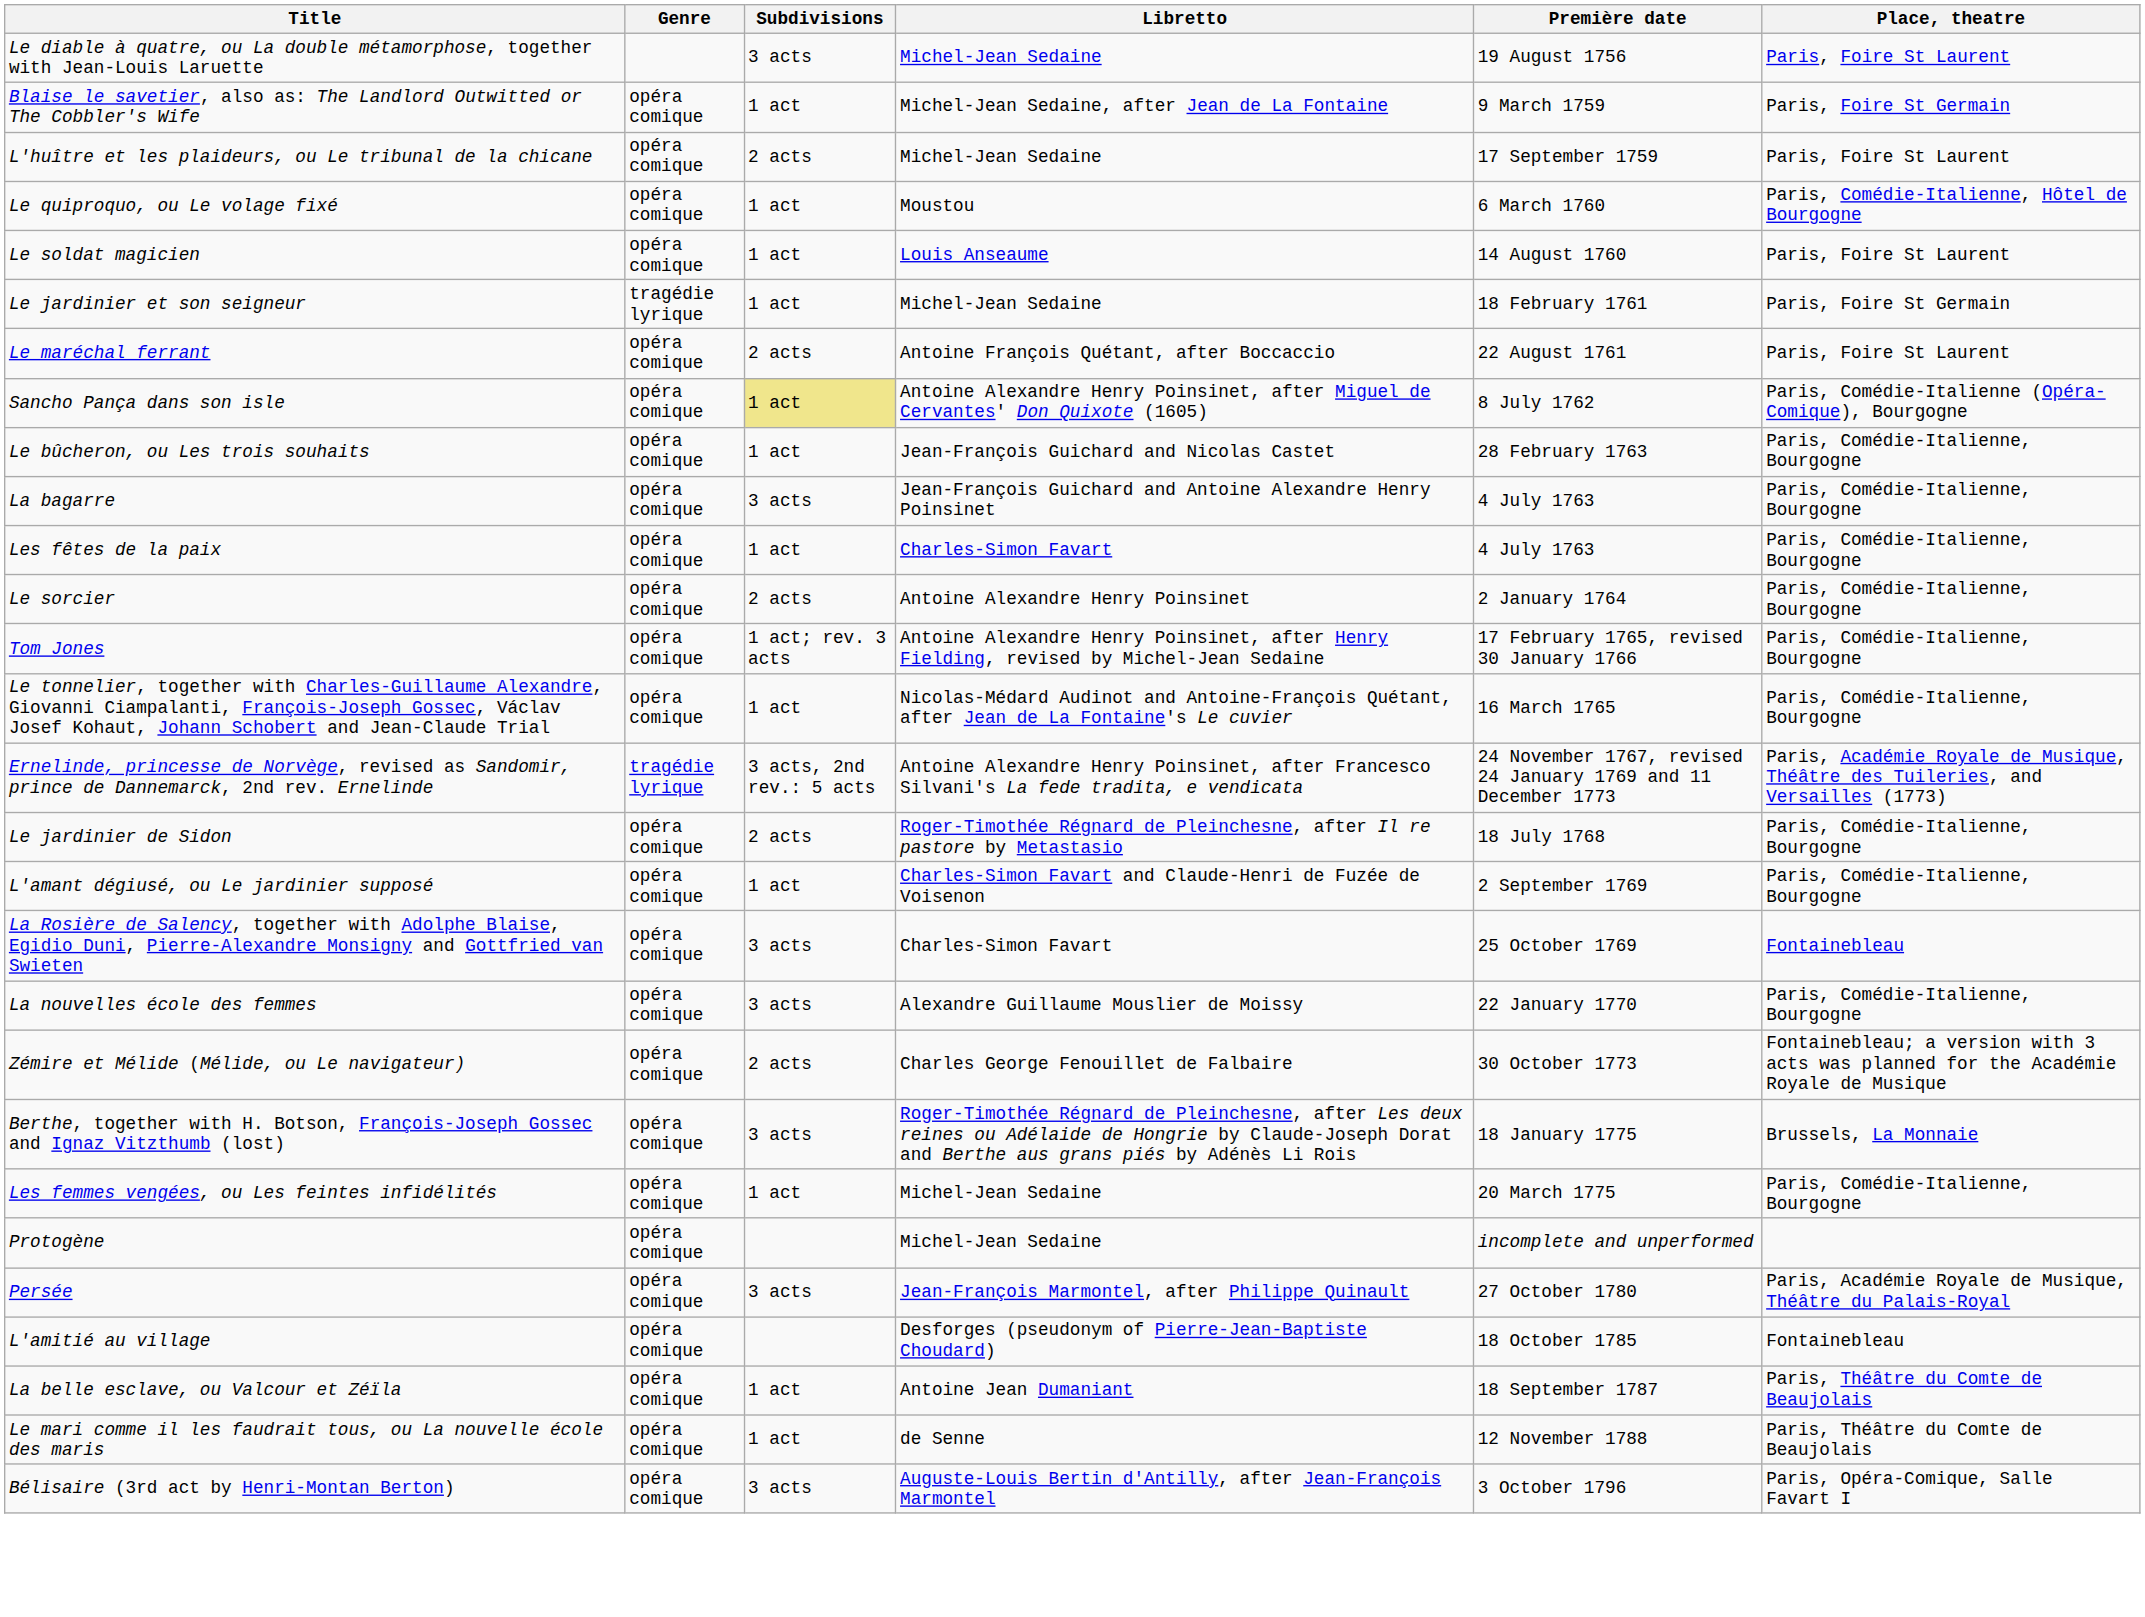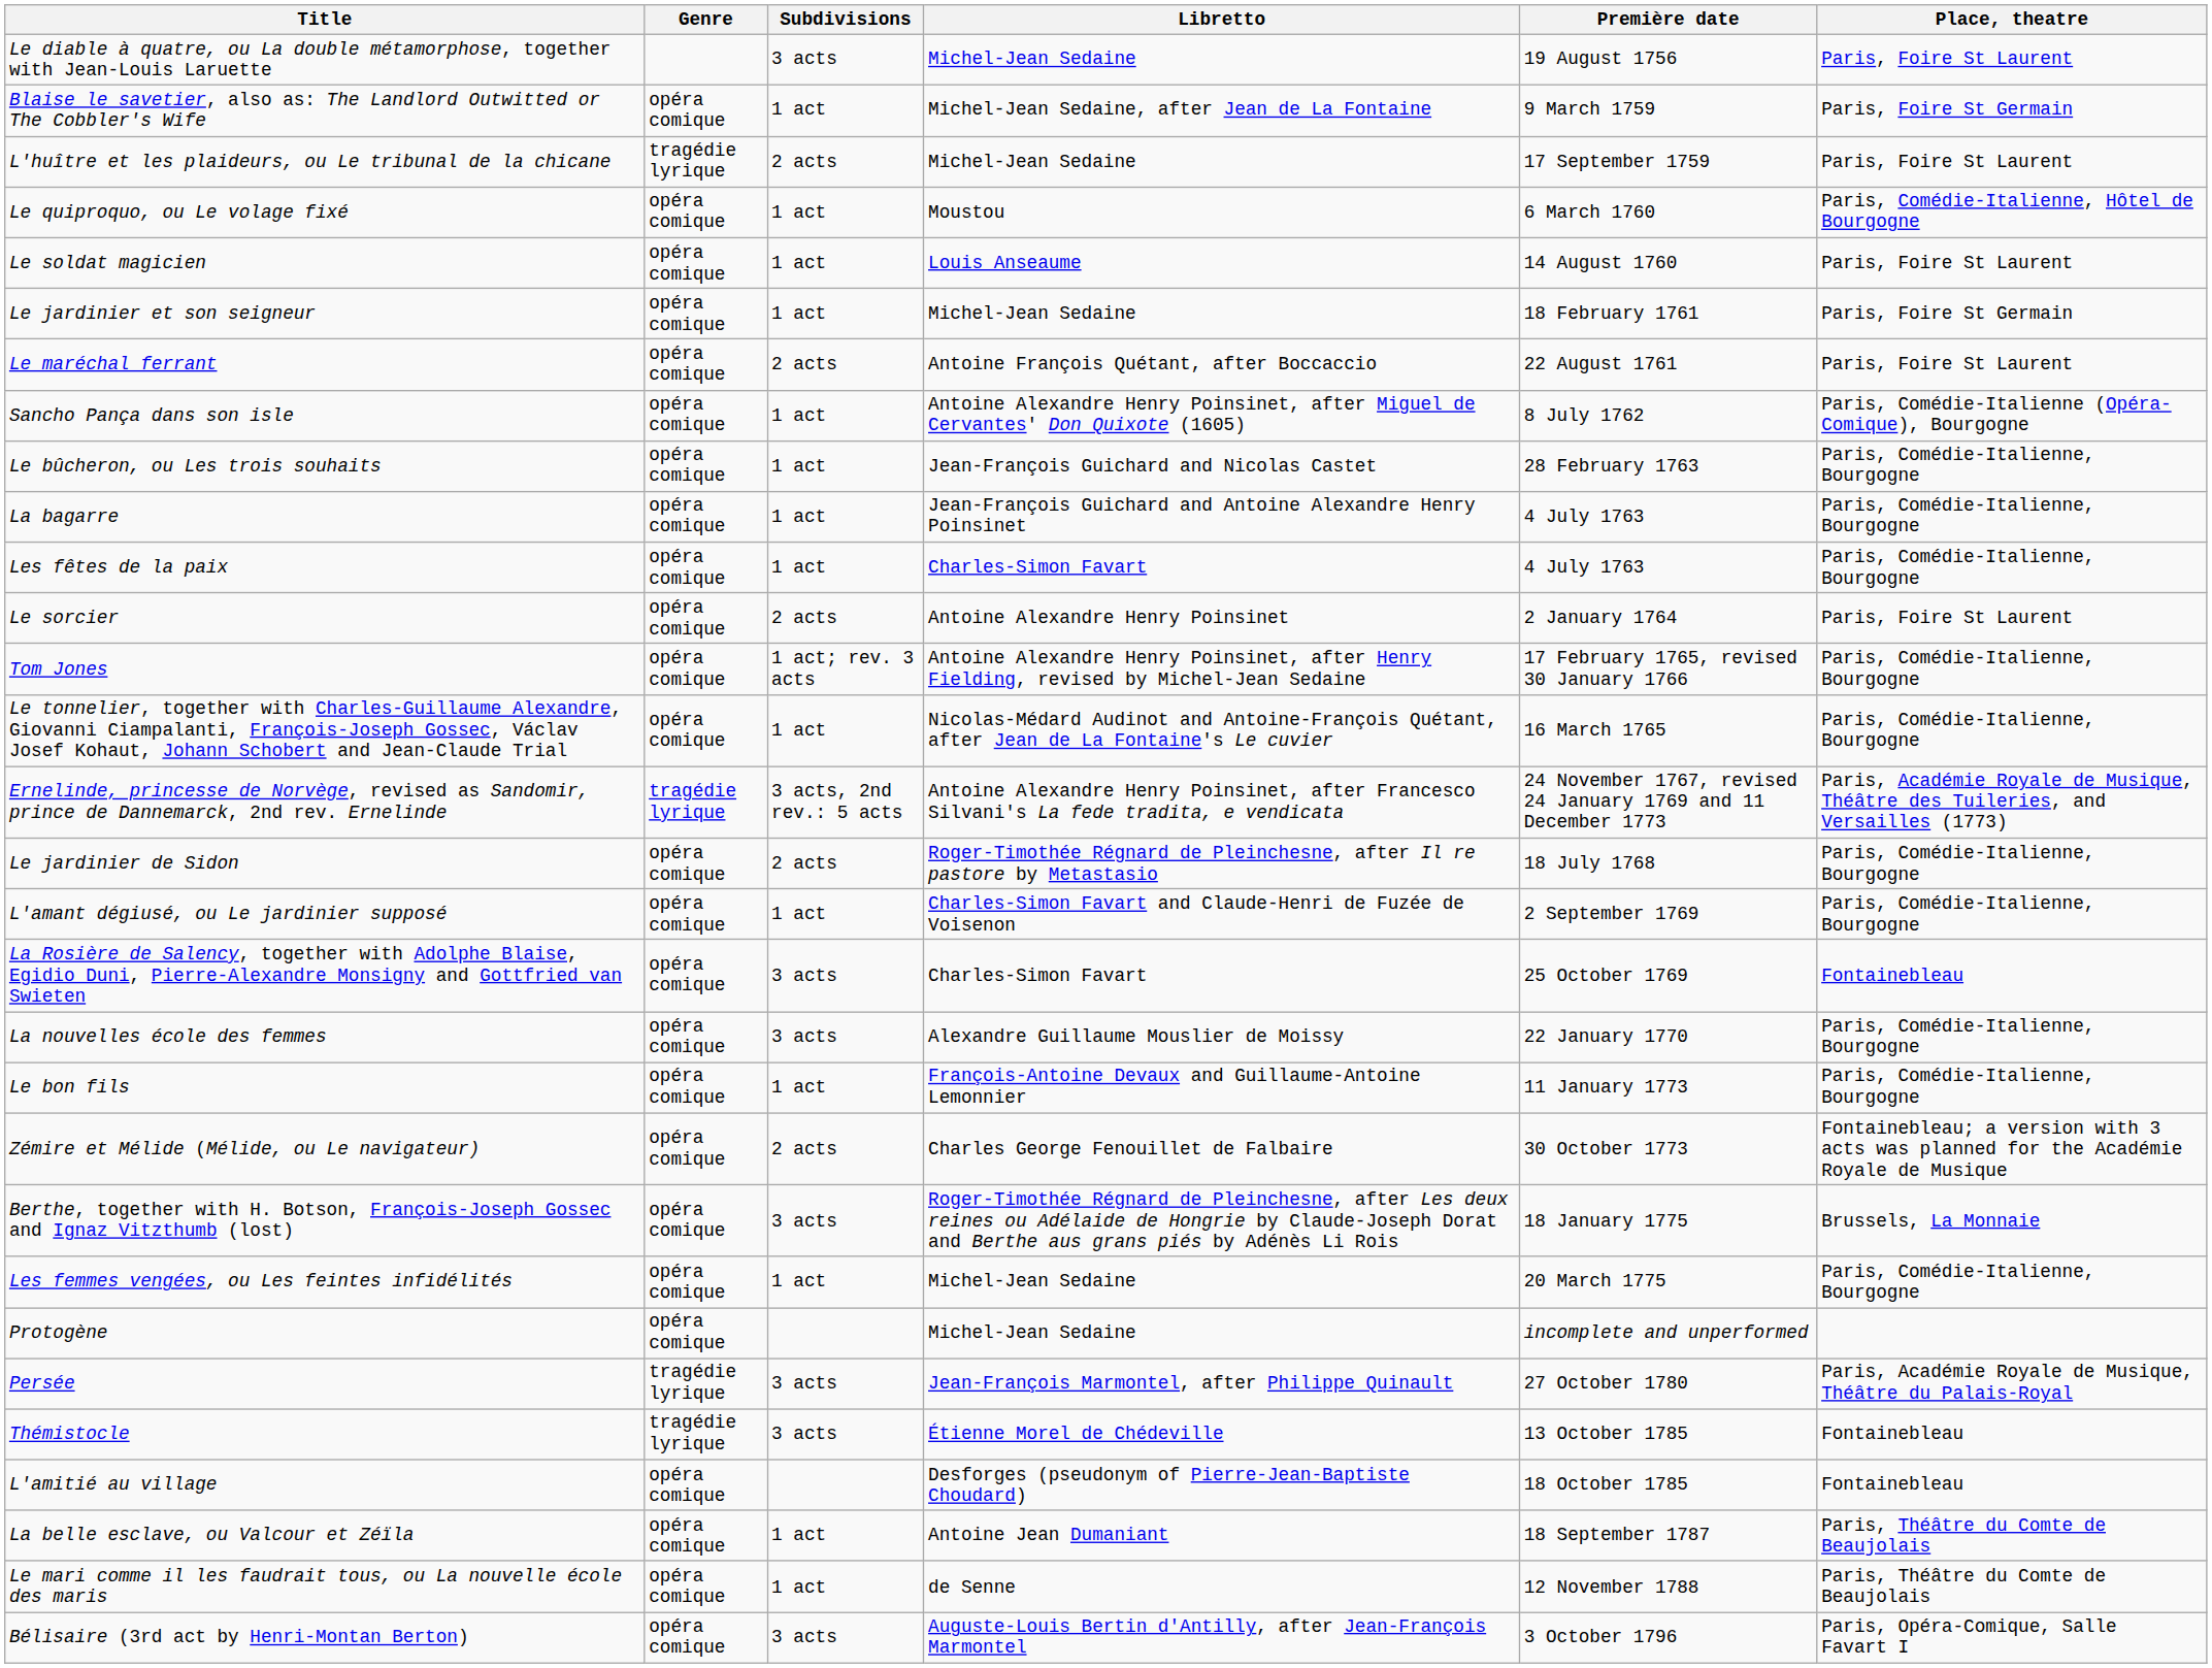 <table class="wikitable sortable">
 <tr>
 <th>Title</th>
 <th>Genre</th>
 <th>Sub­divisions</th>
 <th>Libretto</th>
 <th>Première date</th>
 <th>Place, theatre</th>
 </tr>
 <tr>
 <td><em>Le diable à quatre, ou La double métamorphose</em>, together with Jean-Louis Laruette</td>
 <td></td>
 <td>3 acts</td>
 <td><a href='#'>Michel-Jean Sedaine</a></td>
 <td>19 August 1756</td>
 <td><a href='#'>Paris</a>, <a href='#'>Foire St Laurent</a></td>
 </tr>
 <tr>
 <td><em><a href='#'>Blaise le savetier</a></em>, also as: <em>The Landlord Outwitted or The Cobbler's Wife</em></td>
 <td>opéra comique</td>
 <td>1 act</td>
 <td>Michel-Jean Sedaine, after <a href='#'>Jean de La Fontaine</a></td>
 <td>9 March 1759</td>
 <td>Paris, <a href='#'>Foire St Germain</a></td>
 </tr>
 <tr>
 <td><em>L'huître et les plaideurs, ou Le tribunal de la chicane</em></td>
-<td>opéra comique</td>
+<td>tragédie lyrique</td>
 <td>2 acts</td>
 <td>Michel-Jean Sedaine</td>
 <td>17 September 1759</td>
 <td>Paris, Foire St Laurent</td>
 </tr>
 <tr>
 <td><em>Le quiproquo, ou Le volage fixé</em></td>
 <td>opéra comique</td>
 <td>1 act</td>
 <td>Moustou</td>
 <td>6 March 1760</td>
 <td>Paris, <a href='#'>Comédie-Italienne</a>, <a href='#'>Hôtel de Bourgogne</a></td>
 </tr>
 <tr>
 <td><em>Le soldat magicien</em></td>
 <td>opéra comique</td>
 <td>1 act</td>
 <td><a href='#'>Louis Anseaume</a></td>
 <td>14 August 1760</td>
 <td>Paris, Foire St Laurent</td>
 </tr>
 <tr>
 <td><em>Le jardinier et son seigneur</em></td>
-<td>tragédie lyrique</td>
+<td>opéra comique</td>
 <td>1 act</td>
 <td>Michel-Jean Sedaine</td>
 <td>18 February 1761</td>
 <td>Paris, Foire St Germain</td>
 </tr>
 <tr>
 <td><em><a href='#'>Le maréchal ferrant</a></em></td>
 <td>opéra comique</td>
 <td>2 acts</td>
 <td>Antoine François Quétant, after Boccaccio</td>
 <td>22 August 1761</td>
 <td>Paris, Foire St Laurent</td>
 </tr>
 <tr>
 <td><em>Sancho Pança dans son isle</em></td>
 <td>opéra comique</td>
-<td style="background: khaki;">1 act</td>
+<td>1 act</td>
 <td>Antoine Alexandre Henry Poinsinet, after <a href='#'>Miguel de Cervantes</a>' <em><a href='#'>Don Quixote</a></em> (1605)</td>
 <td>8 July 1762</td>
 <td>Paris, Comédie-Italienne (<a href='#'>Opéra-Comique</a>), Bourgogne</td>
 </tr>
 <tr>
 <td><em>Le bûcheron, ou Les trois souhaits</em></td>
 <td>opéra comique</td>
 <td>1 act</td>
 <td>Jean-François Guichard and Nicolas Castet</td>
 <td>28 February 1763</td>
 <td>Paris, Comédie-Italienne, Bourgogne</td>
 </tr>
 <tr>
 <td><em>La bagarre</em></td>
 <td>opéra comique</td>
-<td>3 acts</td>
+<td>1 act</td>
 <td>Jean-François Guichard and Antoine Alexandre Henry Poinsinet</td>
 <td>4 July 1763</td>
 <td>Paris, Comédie-Italienne, Bourgogne</td>
 </tr>
 <tr>
 <td><em>Les fêtes de la paix</em></td>
 <td>opéra comique</td>
 <td>1 act</td>
 <td><a href='#'>Charles-Simon Favart</a></td>
 <td>4 July 1763</td>
 <td>Paris, Comédie-Italienne, Bourgogne</td>
 </tr>
 <tr>
 <td><em>Le sorcier</em></td>
 <td>opéra comique</td>
 <td>2 acts</td>
 <td>Antoine Alexandre Henry Poinsinet</td>
 <td>2 January 1764</td>
-<td>Paris, Comédie-Italienne, Bourgogne</td>
+<td>Paris, Foire St Laurent</td>
 </tr>
 <tr>
 <td><em><a href='#'>Tom Jones</a></em></td>
 <td>opéra comique</td>
 <td>1 act; rev. 3 acts</td>
 <td>Antoine Alexandre Henry Poinsinet, after <a href='#'>Henry Fielding</a>, revised by Michel-Jean Sedaine</td>
 <td>17 February 1765, revised 30 January 1766</td>
 <td>Paris, Comédie-Italienne, Bourgogne</td>
 </tr>
 <tr>
 <td><em>Le tonnelier</em>, together with <a href='#'>Charles-Guillaume Alexandre</a>, Giovanni Ciampalanti, <a href='#'>François-Joseph Gossec</a>, Václav Josef Kohaut, <a href='#'>Johann Schobert</a> and Jean-Claude Trial</td>
 <td>opéra comique</td>
 <td>1 act</td>
 <td>Nicolas-Médard Audinot and Antoine-François Quétant, after <a href='#'>Jean de La Fontaine</a>'s <em>Le cuvier</em></td>
 <td>16 March 1765</td>
 <td>Paris, Comédie-Italienne, Bourgogne</td>
 </tr>
 <tr>
 <td><em><a href='#'>Ernelinde, princesse de Norvège</a></em>, revised as <em>Sandomir, prince de Dannemarck</em>, 2nd rev. <em>Ernelinde</em></td>
 <td><a href='#'>tragédie lyrique</a></td>
 <td>3 acts, 2nd rev.: 5 acts</td>
 <td>Antoine Alexandre Henry Poinsinet, after Francesco Silvani's <em>La fede tradita, e vendicata</em></td>
 <td>24 November 1767, revised 24 January 1769 and 11 December 1773</td>
 <td>Paris, <a href='#'>Académie Royale de Musique</a>, <a href='#'>Théâtre des Tuileries</a>, and <a href='#'>Versailles</a> (1773)</td>
 </tr>
 <tr>
 <td><em>Le jardinier de Sidon</em></td>
 <td>opéra comique</td>
 <td>2 acts</td>
 <td><a href='#'>Roger-Timothée Régnard de Pleinchesne</a>, after <em>Il re pastore</em> by <a href='#'>Metastasio</a></td>
 <td>18 July 1768</td>
 <td>Paris, Comédie-Italienne, Bourgogne</td>
 </tr>
 <tr>
 <td><em>L'amant dégiusé, ou Le jardinier supposé</em></td>
 <td>opéra comique</td>
 <td>1 act</td>
 <td><a href='#'>Charles-Simon Favart</a> and Claude-Henri de Fuzée de Voisenon</td>
 <td>2 September 1769</td>
 <td>Paris, Comédie-Italienne, Bourgogne</td>
 </tr>
 <tr>
 <td><em><a href='#'>La Rosière de Salency</a></em>, together with <a href='#'>Adolphe Blaise</a>, <a href='#'>Egidio Duni</a>, <a href='#'>Pierre-Alexandre Monsigny</a> and <a href='#'>Gottfried van Swieten</a></td>
 <td>opéra comique</td>
 <td>3 acts</td>
 <td>Charles-Simon Favart</td>
 <td>25 October 1769</td>
 <td><a href='#'>Fontainebleau</a></td>
 </tr>
 <tr>
 <td><em>La nouvelles école des femmes</em></td>
 <td>opéra comique</td>
 <td>3 acts</td>
 <td>Alexandre Guillaume Mouslier de Moissy</td>
 <td>22 January 1770</td>
 <td>Paris, Comédie-Italienne, Bourgogne</td>
 </tr>
 <tr>
+<td><em>Le bon fils</em></td>
+<td>opéra comique</td>
+<td>1 act</td>
+<td><a href='#'>François-Antoine Devaux</a> and Guillaume-Antoine Lemonnier</td>
+<td>11 January 1773</td>
+<td>Paris, Comédie-Italienne, Bourgogne</td>
+</tr>
+<tr>
 <td><em>Zémire et Mélide</em> (<em>Mélide, ou Le navigateur)</em></td>
 <td>opéra comique</td>
 <td>2 acts</td>
 <td>Charles George Fenouillet de Falbaire</td>
 <td>30 October 1773</td>
 <td>Fontainebleau; a version with 3 acts was planned for the Académie Royale de Musique</td>
 </tr>
 <tr>
 <td><em>Berthe</em>, together with H. Botson, <a href='#'>François-Joseph Gossec</a> and <a href='#'>Ignaz Vitzthumb</a> (lost)</td>
 <td>opéra comique</td>
 <td>3 acts</td>
 <td><a href='#'>Roger-Timothée Régnard de Pleinchesne</a>, after <em>Les deux reines ou Adélaide de Hongrie</em> by Claude-Joseph Dorat and <em>Berthe aus grans piés</em> by Adénès Li Rois</td>
 <td>18 January 1775</td>
 <td>Brussels, <a href='#'>La Monnaie</a></td>
 </tr>
 <tr>
 <td><em><a href='#'>Les femmes vengées</a>, ou Les feintes infidélités</em></td>
 <td>opéra comique</td>
 <td>1 act</td>
 <td>Michel-Jean Sedaine</td>
 <td>20 March 1775</td>
 <td>Paris, Comédie-Italienne, Bourgogne</td>
 </tr>
 <tr>
 <td><em>Protogène</em></td>
 <td>opéra comique</td>
 <td> </td>
 <td>Michel-Jean Sedaine</td>
 <td><em>incomplete and unperformed</em></td>
 <td> </td>
 </tr>
 <tr>
 <td><em><a href='#'>Persée</a></em></td>
-<td>opéra comique</td>
+<td>tragédie lyrique</td>
 <td>3 acts</td>
 <td><a href='#'>Jean-François Marmontel</a>, after <a href='#'>Philippe Quinault</a></td>
 <td>27 October 1780</td>
 <td>Paris, Académie Royale de Musique, <a href='#'>Théâtre du Palais-Royal</a></td>
+</tr>
+<tr>
+<td><em><a href='#'>Thémistocle</a></em></td>
+<td>tragédie lyrique</td>
+<td>3 acts</td>
+<td><a href='#'>Étienne Morel de Chédeville</a></td>
+<td>13 October 1785</td>
+<td>Fontainebleau</td>
 </tr>
 <tr>
 <td><em>L'amitié au village</em></td>
 <td>opéra comique</td>
 <td> </td>
 <td>Desforges (pseudonym of <a href='#'>Pierre-Jean-Baptiste Choudard</a>)</td>
 <td>18 October 1785</td>
 <td>Fontainebleau</td>
 </tr>
 <tr>
 <td><em>La belle esclave, ou Valcour et Zéïla</em></td>
 <td>opéra comique</td>
 <td>1 act</td>
 <td>Antoine Jean <a href='#'>Dumaniant</a></td>
 <td>18 September 1787</td>
 <td>Paris, <a href='#'>Théâtre du Comte de Beaujolais</a></td>
 </tr>
 <tr>
 <td><em>Le mari comme il les faudrait tous, ou La nouvelle école des maris</em></td>
 <td>opéra comique</td>
 <td>1 act</td>
 <td>de Senne</td>
 <td>12 November 1788</td>
 <td>Paris, Théâtre du Comte de Beaujolais</td>
 </tr>
 <tr>
 <td><em>Bélisaire</em> (3rd act by <a href='#'>Henri-Montan Berton</a>)</td>
 <td>opéra comique</td>
 <td>3 acts</td>
 <td><a href='#'>Auguste-Louis Bertin d'Antilly</a>, after <a href='#'>Jean-François Marmontel</a></td>
 <td>3 October 1796</td>
 <td>Paris, Opéra-Comique, Salle Favart I</td>
 </tr>
 </table>
